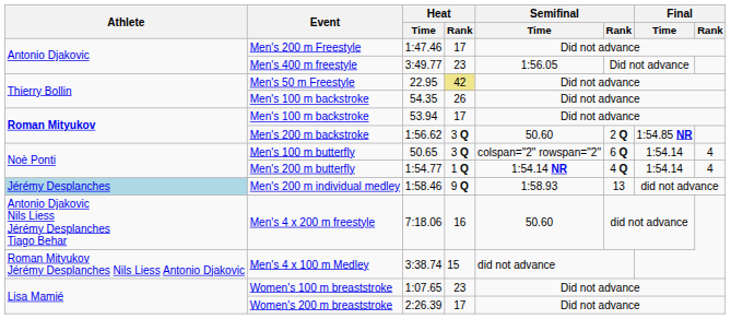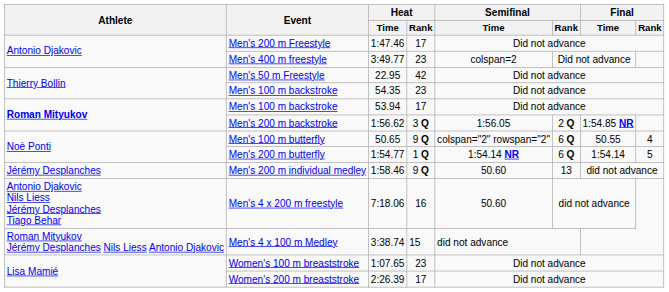 <table class=wikitable style="font-size:90%;">
 <tr>
 <th rowspan=2>Athlete</th>
 <th rowspan=2>Event</th>
 <th colspan=2>Heat</th>
 <th colspan=2>Semifinal</th>
 <th colspan=2>Final</th>
 </tr>
 <tr style="font-size:95%">
 <th>Time</th>
 <th>Rank</th>
 <th>Time</th>
 <th>Rank</th>
 <th>Time</th>
 <th>Rank</th>
 </tr>
 <tr align="center">
 <td rowspan="2" align="left"><a href='#'>Antonio Djakovic</a></td>
 <td align="left"><a href='#'>Men's 200 m Freestyle</a></td>
 <td>1:47.46</td>
 <td>17</td>
 <td colspan="4">Did not advance</td>
 </tr>
 <tr align="center">
 <td align="left"><a href='#'>Men's 400 m freestyle</a></td>
 <td>3:49.77</td>
 <td>23</td>
-<td>1:56.05</td>
+<td>colspan=2 </td>
 <td colspan="2">Did not advance</td>
 </tr>
 <tr align="center">
 <td rowspan="2" align="left"><a href='#'>Thierry Bollin</a></td>
 <td align="left"><a href='#'>Men's 50 m Freestyle</a></td>
 <td>22.95</td>
-<td style="background: khaki;">42</td>
+<td>42</td>
 <td colspan=4>Did not advance</td>
 </tr>
 <tr align="center">
 <td align="left"><a href='#'>Men's 100 m backstroke</a></td>
 <td>54.35</td>
-<td>26</td>
+<td>23</td>
 <td colspan="4">Did not advance</td>
 </tr>
 <tr align="center">
 <td rowspan="2" align="left"><strong><a href='#'>Roman Mityukov</a></strong></td>
 <td align="left"><a href='#'>Men's 100 m backstroke</a></td>
 <td>53.94</td>
 <td>17</td>
 <td colspan="4">Did not advance</td>
 </tr>
 <tr align="center">
 <td align=left><a href='#'>Men's 200 m backstroke</a></td>
 <td>1:56.62</td>
 <td>3 <strong>Q</strong></td>
-<td>50.60</td>
+<td>1:56.05</td>
 <td>2 <strong>Q</strong></td>
 <td>1:54.85 <strong><a href='#'>NR</a></strong></td>
 <td></td>
 </tr>
 <tr align=center>
 <td align=left rowspan=2><a href='#'>Noè Ponti</a></td>
 <td align=left><a href='#'>Men's 100 m butterfly</a></td>
 <td>50.65</td>
-<td>3 <strong>Q</strong></td>
+<td>9 <strong>Q</strong></td>
 <td>colspan="2" rowspan="2" </td>
 <td>6 <strong>Q</strong></td>
-<td>1:54.14</td>
+<td>50.55</td>
 <td>4</td>
 </tr>
 <tr align=center>
 <td align=left><a href='#'>Men's 200 m butterfly</a></td>
 <td>1:54.77</td>
 <td>1 <strong>Q</strong></td>
 <td>1:54.14 <strong><a href='#'>NR</a></strong></td>
-<td>4 <strong>Q</strong></td>
+<td>6 <strong>Q</strong></td>
 <td>1:54.14</td>
-<td>4</td>
+<td>5</td>
 </tr>
 <tr align=center>
-<td align="left" style="background: lightblue;"><a href='#'>Jérémy Desplanches</a></td>
+<td align="left"><a href='#'>Jérémy Desplanches</a></td>
 <td align="left"><a href='#'>Men's 200 m individual medley</a></td>
 <td>1:58.46</td>
 <td>9 <strong>Q</strong></td>
-<td>1:58.93</td>
+<td>50.60</td>
 <td>13</td>
 <td colspan="2">did not advance</td>
 </tr>
 <tr align=center>
 <td align="left"><a href='#'>Antonio Djakovic</a><br><a href='#'>Nils Liess</a><br><a href='#'>Jérémy Desplanches</a><br><a href='#'>Tiago Behar</a></td>
 <td align="left"><a href='#'>Men's 4 x 200 m freestyle</a></td>
 <td>7:18.06</td>
 <td>16</td>
 <td>50.60</td>
 <td colspan="2">did not advance</td>
 </tr>
 <tr>
 <td><a href='#'>Roman Mityukov</a><br><a href='#'>Jérémy Desplanches</a> <a href='#'>Nils Liess</a> <a href='#'>Antonio Djakovic</a></td>
 <td align="left"><a href='#'>Men's 4 x 100 m Medley</a></td>
 <td>3:38.74</td>
 <td>15</td>
 <td colspan="2">did not advance</td>
 </tr>
 <tr align=center>
 <td rowspan="2" align="left"><a href='#'>Lisa Mamié</a></td>
 <td align="left"><a href='#'>Women's 100 m breaststroke</a></td>
 <td>1:07.65</td>
 <td>23</td>
 <td colspan="4">Did not advance</td>
 </tr>
 <tr align=center>
 <td align="left"><a href='#'>Women's 200 m breaststroke</a></td>
 <td>2:26.39</td>
 <td>17</td>
 <td colspan="4">Did not advance</td>
 </tr>
 </table>
